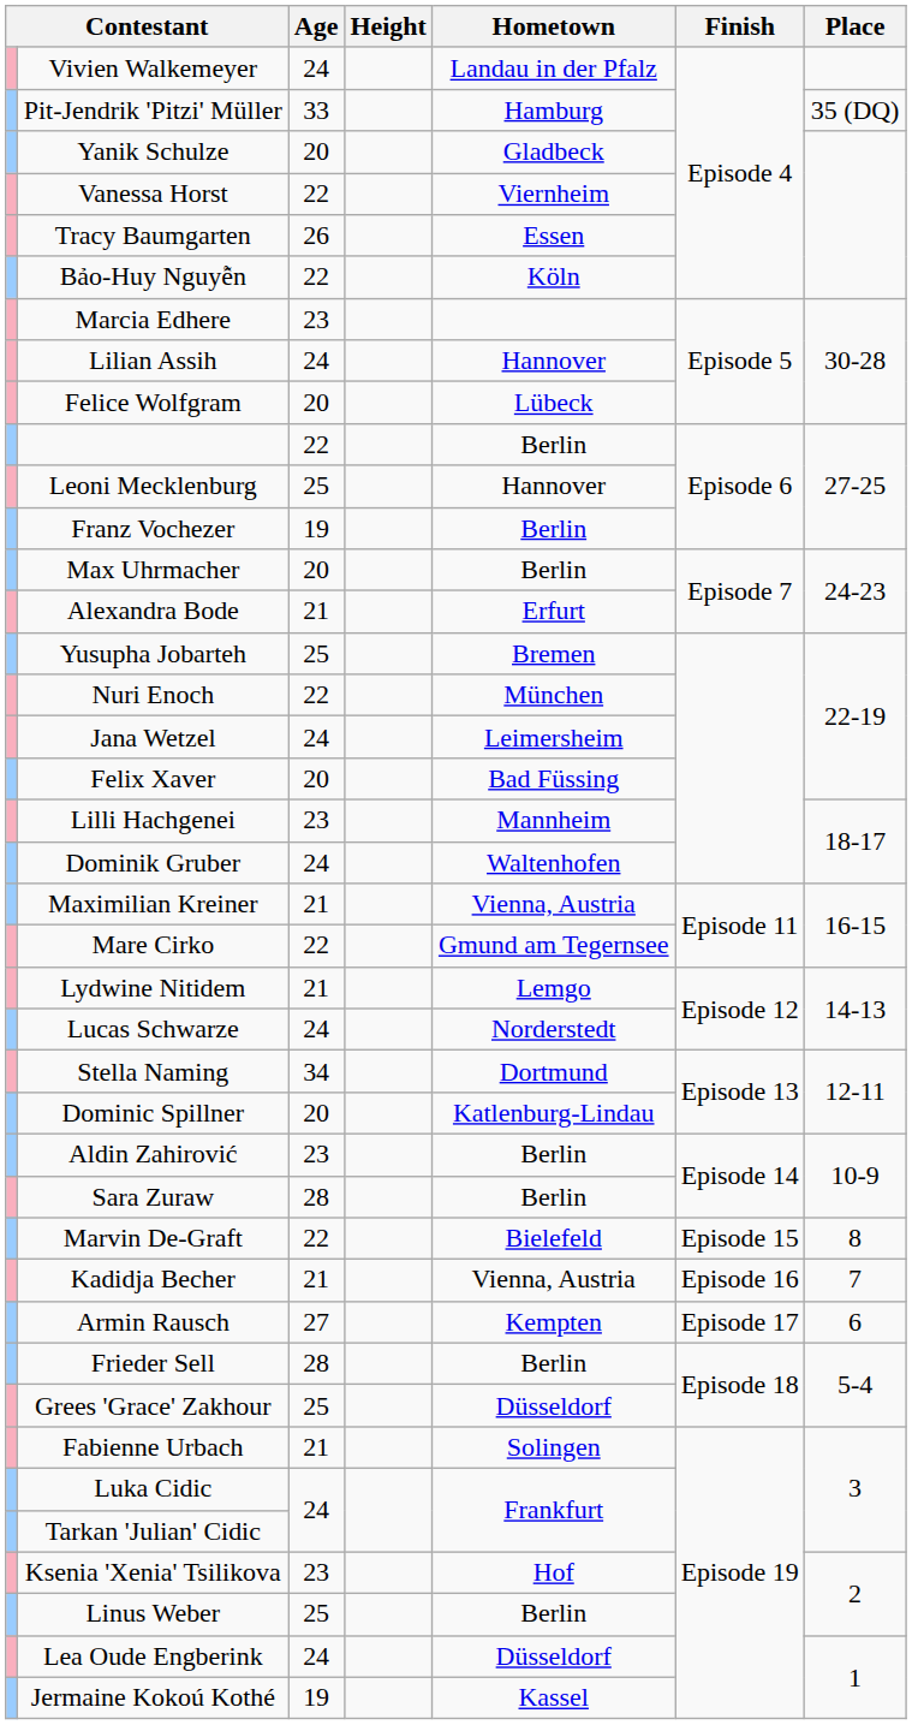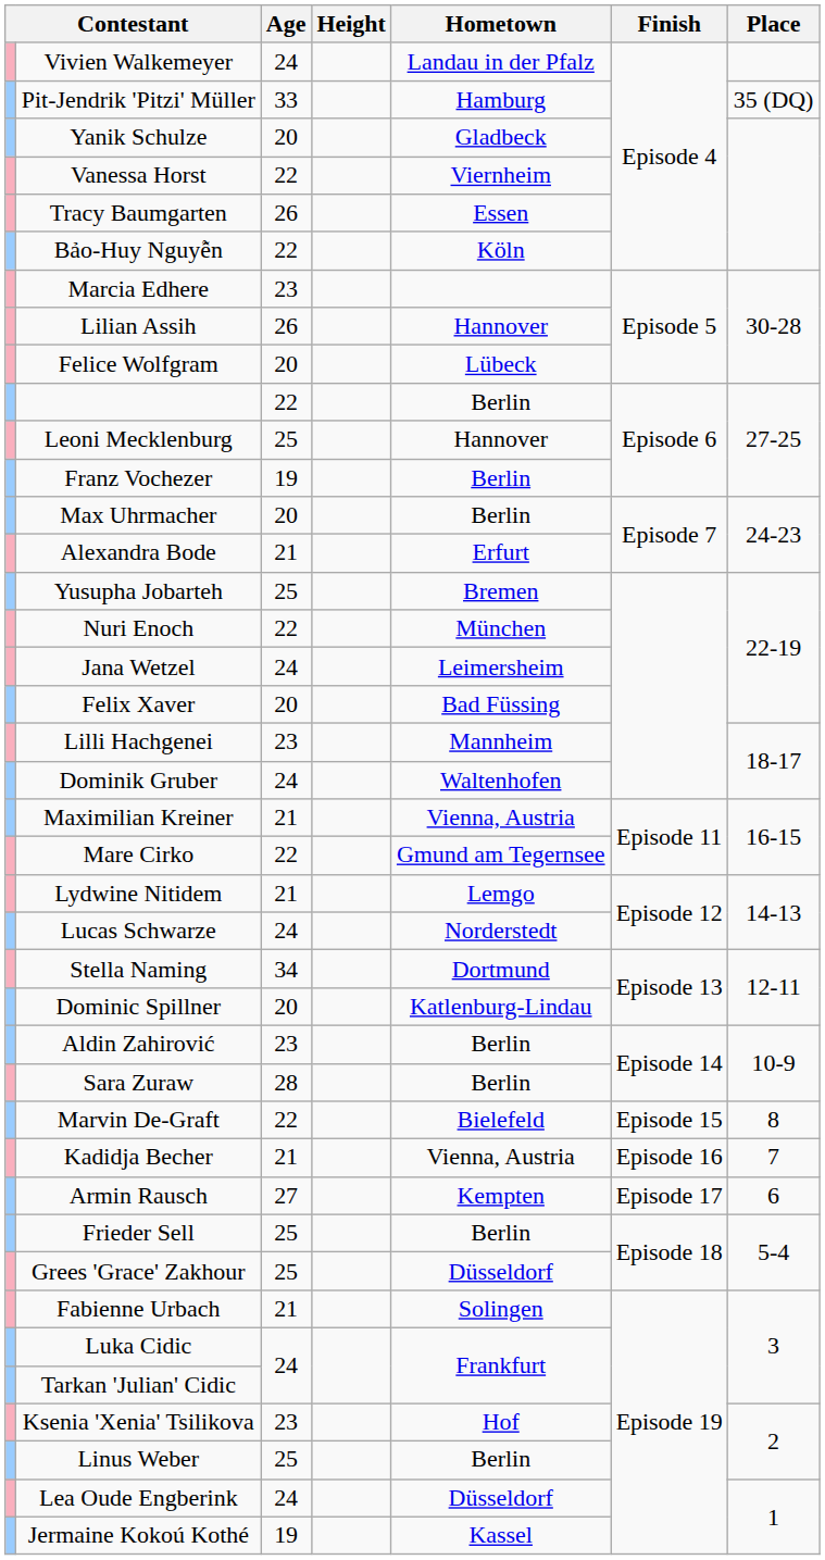 <table class="wikitable sortable" style="text-align:center;">
 <tr>
 <th colspan="2">Contestant</th>
 <th>Age</th>
 <th>Height</th>
 <th>Hometown</th>
 <th>Finish</th>
 <th>Place</th>
 </tr>
 <tr>
 <td style="background:#faafbe"></td>
 <td>Vivien Walkemeyer</td>
 <td>24</td>
 <td></td>
 <td><a href='#'>Landau in der Pfalz</a></td>
 <td rowspan="6">Episode 4</td>
 <td></td>
 </tr>
 <tr>
 <td style="background:#9cf;"></td>
 <td>Pit-Jendrik 'Pitzi' Müller</td>
 <td>33</td>
 <td></td>
 <td><a href='#'>Hamburg</a></td>
 <td>35 (DQ)</td>
 </tr>
 <tr>
 <td style="background:#9cf;"></td>
 <td>Yanik Schulze</td>
 <td>20</td>
 <td></td>
 <td><a href='#'>Gladbeck</a></td>
 <td rowspan="4"></td>
 </tr>
 <tr>
 <td style="background:#faafbe"></td>
 <td>Vanessa Horst</td>
 <td>22</td>
 <td></td>
 <td><a href='#'>Viernheim</a></td>
 </tr>
 <tr>
 <td style="background:#faafbe"></td>
 <td>Tracy Baumgarten</td>
 <td>26</td>
 <td></td>
 <td><a href='#'>Essen</a></td>
 </tr>
 <tr>
 <td style="background:#9cf;"></td>
 <td>Bảo-Huy Nguyễn</td>
 <td>22</td>
 <td nowrap></td>
 <td><a href='#'>Köln</a></td>
 </tr>
 <tr>
 <td style="background:#faafbe"></td>
 <td>Marcia Edhere</td>
 <td>23</td>
 <td></td>
 <td></td>
 <td rowspan="3">Episode 5</td>
 <td rowspan="3">30-28</td>
 </tr>
 <tr>
 <td style="background:#faafbe"></td>
 <td>Lilian Assih</td>
-<td>24</td>
+<td>26</td>
 <td></td>
 <td><a href='#'>Hannover</a></td>
 </tr>
 <tr>
 <td style="background:#faafbe"></td>
 <td>Felice Wolfgram</td>
 <td>20</td>
 <td></td>
 <td><a href='#'>Lübeck</a></td>
 </tr>
 <tr>
 <td style="background:#9cf;"></td>
 <td></td>
 <td>22</td>
 <td></td>
 <td>Berlin</td>
 <td rowspan="3">Episode 6</td>
 <td rowspan="3">27-25</td>
 </tr>
 <tr>
 <td style="background:#faafbe"></td>
 <td>Leoni Mecklenburg</td>
 <td>25</td>
 <td></td>
 <td>Hannover</td>
 </tr>
 <tr>
 <td style="background:#9cf;"></td>
 <td>Franz Vochezer</td>
 <td>19</td>
 <td></td>
 <td><a href='#'>Berlin</a></td>
 </tr>
 <tr>
 <td style="background:#9cf;"></td>
 <td>Max Uhrmacher</td>
 <td>20</td>
 <td></td>
 <td>Berlin</td>
 <td rowspan="2">Episode 7</td>
 <td rowspan="2">24-23</td>
 </tr>
 <tr>
 <td style="background:#faafbe"></td>
 <td>Alexandra Bode</td>
 <td>21</td>
 <td></td>
 <td><a href='#'>Erfurt</a></td>
 </tr>
 <tr>
 <td style="background:#9cf;"></td>
 <td>Yusupha Jobarteh</td>
 <td>25</td>
 <td></td>
 <td><a href='#'>Bremen</a></td>
 <td rowspan="6"></td>
 <td rowspan="4">22-19</td>
 </tr>
 <tr>
 <td style="background:#faafbe"></td>
 <td>Nuri Enoch</td>
 <td>22</td>
 <td></td>
 <td><a href='#'>München</a></td>
 </tr>
 <tr>
 <td style="background:#faafbe"></td>
 <td>Jana Wetzel</td>
 <td>24</td>
 <td></td>
 <td><a href='#'>Leimersheim</a></td>
 </tr>
 <tr>
 <td style="background:#9cf;"></td>
 <td>Felix Xaver</td>
 <td>20</td>
 <td></td>
 <td><a href='#'>Bad Füssing</a></td>
 </tr>
 <tr>
 <td style="background:#faafbe"></td>
 <td>Lilli Hachgenei</td>
 <td>23</td>
 <td></td>
 <td><a href='#'>Mannheim</a></td>
 <td rowspan="2">18-17</td>
 </tr>
 <tr>
 <td style="background:#9cf;"></td>
 <td>Dominik Gruber</td>
 <td>24</td>
 <td></td>
 <td><a href='#'>Waltenhofen</a></td>
 </tr>
 <tr>
 <td style="background:#9cf;"></td>
 <td>Maximilian Kreiner</td>
 <td>21</td>
 <td></td>
 <td><a href='#'>Vienna, Austria</a></td>
 <td rowspan="2">Episode 11</td>
 <td rowspan="2">16-15</td>
 </tr>
 <tr>
 <td style="background:#faafbe"></td>
 <td>Mare Cirko</td>
 <td>22</td>
 <td></td>
 <td><a href='#'>Gmund am Tegernsee</a></td>
 </tr>
 <tr>
 <td style="background:#faafbe"></td>
 <td>Lydwine Nitidem</td>
 <td>21</td>
 <td></td>
 <td><a href='#'>Lemgo</a></td>
 <td rowspan="2">Episode 12</td>
 <td rowspan="2">14-13</td>
 </tr>
 <tr>
 <td style="background:#9cf;"></td>
 <td>Lucas Schwarze</td>
 <td>24</td>
 <td></td>
 <td><a href='#'>Norderstedt</a></td>
 </tr>
 <tr>
 <td style="background:#faafbe"></td>
 <td>Stella Naming</td>
 <td>34</td>
 <td></td>
 <td><a href='#'>Dortmund</a></td>
 <td rowspan="2">Episode 13</td>
 <td rowspan="2">12-11</td>
 </tr>
 <tr>
 <td style="background:#9cf;"></td>
 <td>Dominic Spillner</td>
 <td>20</td>
 <td></td>
 <td><a href='#'>Katlenburg-Lindau</a></td>
 </tr>
 <tr>
 <td style="background:#9cf;"></td>
 <td>Aldin Zahirović</td>
 <td>23</td>
 <td></td>
 <td>Berlin</td>
 <td rowspan="2">Episode 14</td>
 <td rowspan="2">10-9</td>
 </tr>
 <tr>
 <td style="background:#faafbe"></td>
 <td>Sara Zuraw</td>
 <td>28</td>
 <td></td>
 <td>Berlin</td>
 </tr>
 <tr>
 <td style="background:#9cf;"></td>
 <td>Marvin De-Graft</td>
 <td>22</td>
 <td></td>
 <td><a href='#'>Bielefeld</a></td>
 <td>Episode 15</td>
 <td>8</td>
 </tr>
 <tr>
 <td style="background:#faafbe"></td>
 <td>Kadidja Becher</td>
 <td>21</td>
 <td></td>
 <td>Vienna, Austria</td>
 <td>Episode 16</td>
 <td>7</td>
 </tr>
 <tr>
 <td style="background:#9cf;"></td>
 <td>Armin Rausch</td>
 <td>27</td>
 <td></td>
 <td><a href='#'>Kempten</a></td>
 <td>Episode 17</td>
 <td>6</td>
 </tr>
 <tr>
 <td style="background:#9cf;"></td>
 <td>Frieder Sell</td>
-<td>28</td>
+<td>25</td>
 <td></td>
 <td>Berlin</td>
 <td rowspan="2">Episode 18</td>
 <td rowspan="2">5-4</td>
 </tr>
 <tr>
 <td style="background:#faafbe"></td>
 <td>Grees 'Grace' Zakhour</td>
 <td>25</td>
 <td></td>
 <td><a href='#'>Düsseldorf</a></td>
 </tr>
 <tr>
 <td style="background:#faafbe"></td>
 <td>Fabienne Urbach</td>
 <td>21</td>
 <td></td>
 <td><a href='#'>Solingen</a></td>
 <td rowspan="7">Episode 19</td>
 <td rowspan="3">3</td>
 </tr>
 <tr>
 <td style="background:#9cf;"></td>
 <td>Luka Cidic</td>
 <td rowspan="2">24</td>
 <td rowspan="2"></td>
 <td rowspan="2"><a href='#'>Frankfurt</a></td>
 </tr>
 <tr>
 <td style="background:#9cf;"></td>
 <td>Tarkan 'Julian' Cidic</td>
 </tr>
 <tr>
 <td style="background:#faafbe"></td>
 <td>Ksenia 'Xenia' Tsilikova</td>
 <td>23</td>
 <td></td>
 <td><a href='#'>Hof</a></td>
 <td rowspan="2">2</td>
 </tr>
 <tr>
 <td style="background:#9cf;"></td>
 <td>Linus Weber</td>
 <td>25</td>
 <td></td>
 <td>Berlin</td>
 </tr>
 <tr>
 <td style="background:#faafbe"></td>
 <td>Lea Oude Engberink</td>
 <td>24</td>
 <td></td>
 <td><a href='#'>Düsseldorf</a></td>
 <td rowspan="2">1</td>
 </tr>
 <tr>
 <td style="background:#9cf;"></td>
 <td>Jermaine Kokoú Kothé</td>
 <td>19</td>
 <td></td>
 <td><a href='#'>Kassel</a></td>
 </tr>
 </table>
